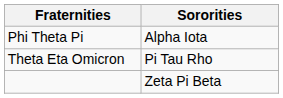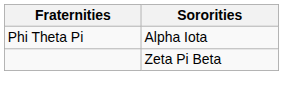 <table class="wikitable"; style= "text-align: ">
 <tr>
 <th width=150px>Fraternities</th>
 <th width=150px>Sororities</th>
 </tr>
 <tr>
 <td>Phi Theta Pi</td>
 <td>Alpha Iota</td>
 </tr>
 <tr>
-<td>Theta Eta Omicron</td>
-<td>Pi Tau Rho</td>
-</tr>
-<tr>
 <td></td>
 <td>Zeta Pi Beta</td>
 </tr>
 </table>
